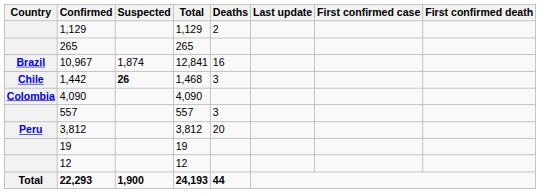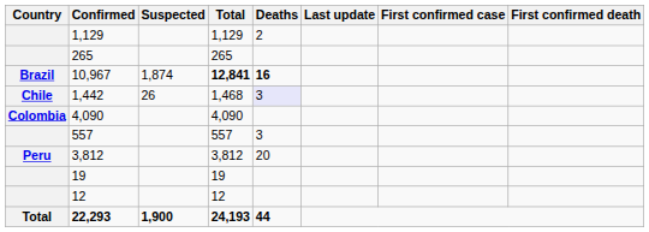 <table class="wikitable sortable plainrowheaders">
 <tr>
 <th scope="col">Country</th>
 <th scope="col" data-sort-type=number>Confirmed</th>
 <th scope="col" data-sort-type=number>Suspected</th>
 <th scope="col" data-sort-type=number>Total</th>
 <th scope="col" data-sort-type=number>Deaths</th>
 <th scope="col">Last update</th>
 <th scope="col">First confirmed case</th>
 <th scope="col">First confirmed death</th>
 </tr>
 <tr>
 <th scope="row"></th>
 <td>1,129</td>
 <td></td>
 <td>1,129</td>
 <td>2</td>
 <td></td>
 <td></td>
 </tr>
 <tr>
 <th scope="row"></th>
 <td>265</td>
 <td></td>
 <td>265</td>
 <td></td>
 <td></td>
 <td></td>
 <td></td>
 </tr>
 <tr>
 <th scope="row"> <a href='#'>Brazil</a></th>
 <td>10,967</td>
 <td>1,874</td>
-<td>12,841</td>
-<td>16</td>
+<td><strong>12,841</strong></td>
+<td><strong>16</strong></td>
 <td></td>
 <td></td>
 <td></td>
 </tr>
 <tr>
 <th scope="row"> <a href='#'>Chile</a></th>
 <td>1,442</td>
-<td><strong>26</strong></td>
+<td>26</td>
 <td>1,468</td>
-<td>3</td>
+<td style="background: lavender;">3</td>
 <td></td>
 <td></td>
 <td></td>
 </tr>
 <tr>
 <th scope="row"> <a href='#'>Colombia</a></th>
 <td>4,090</td>
 <td></td>
 <td>4,090</td>
 <td></td>
 <td></td>
 <td></td>
 <td></td>
 </tr>
 <tr>
 <th scope="row"></th>
 <td>557</td>
 <td></td>
 <td>557</td>
 <td>3</td>
 <td></td>
 <td></td>
 <td></td>
 </tr>
 <tr>
 <th scope="row"> <a href='#'>Peru</a></th>
 <td>3,812</td>
 <td></td>
 <td>3,812</td>
 <td>20</td>
 <td></td>
 <td></td>
 <td></td>
 </tr>
 <tr>
 <th scope="row"></th>
 <td>19</td>
 <td></td>
 <td>19</td>
 <td></td>
 <td></td>
 <td></td>
 <td></td>
 </tr>
 <tr>
 <th scope="row"></th>
 <td>12</td>
 <td></td>
 <td>12</td>
 <td></td>
 <td></td>
 <td></td>
 <td></td>
 </tr>
 <tr class="sortbottom">
 <th scope="row"><strong>Total</strong></th>
 <td><strong>22,293</strong></td>
 <td><strong>1,900</strong></td>
 <td><strong>24,193</strong></td>
 <td><strong>44</strong></td>
 <td colspan="3"></td>
 </tr>
 </table>
